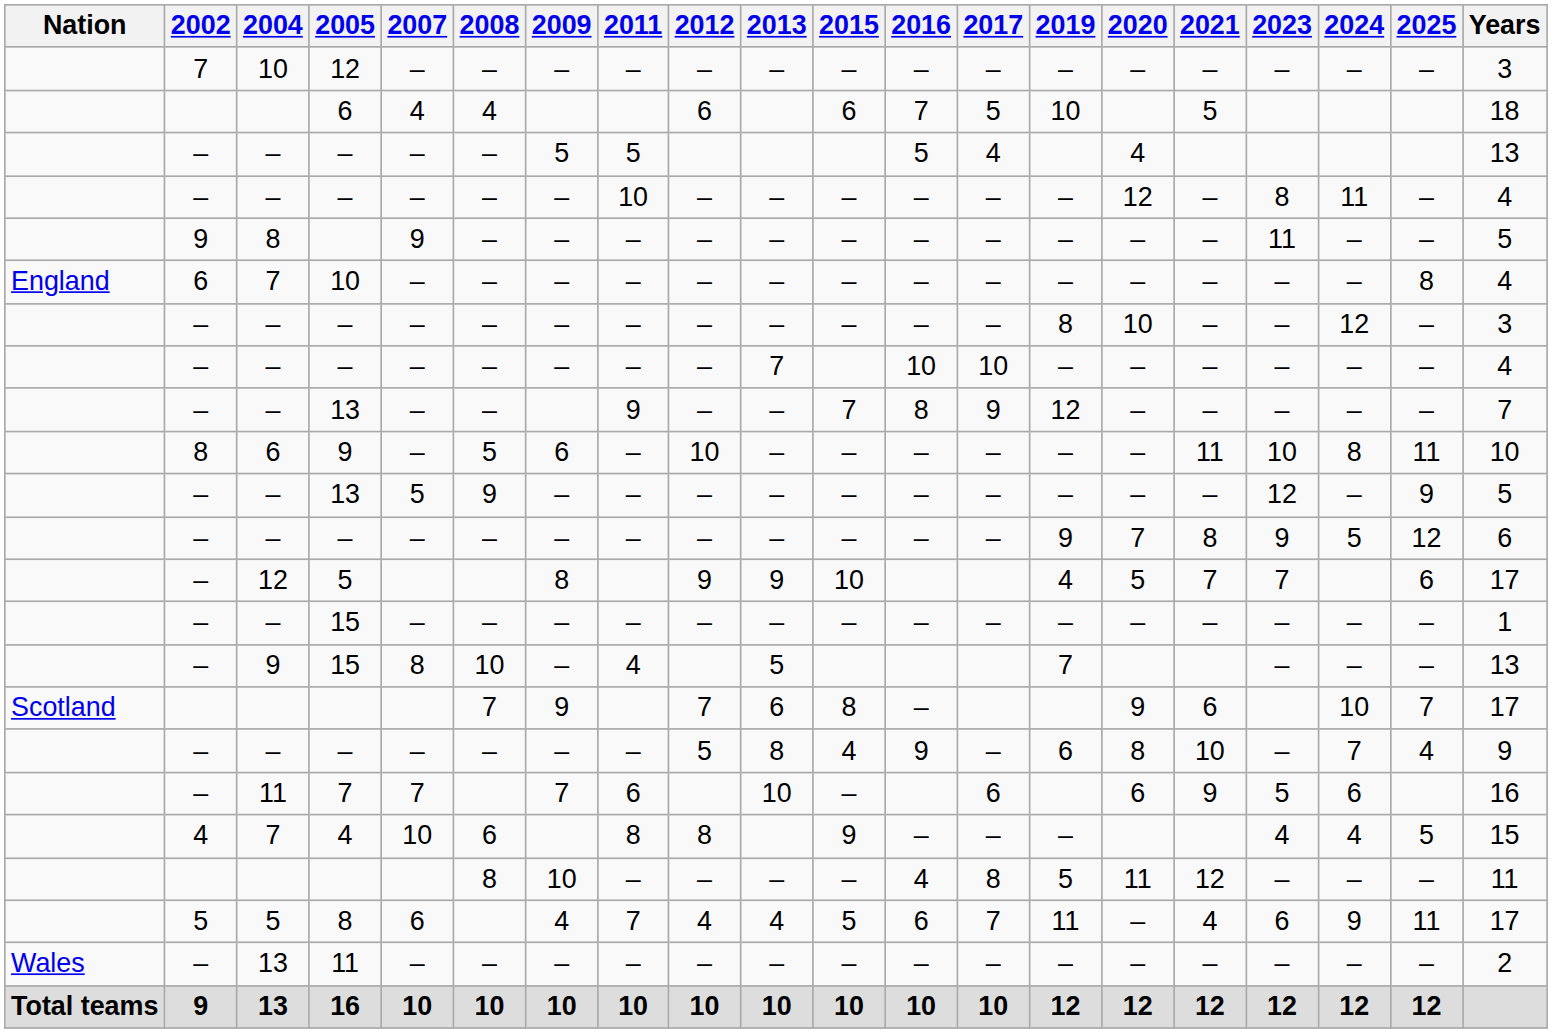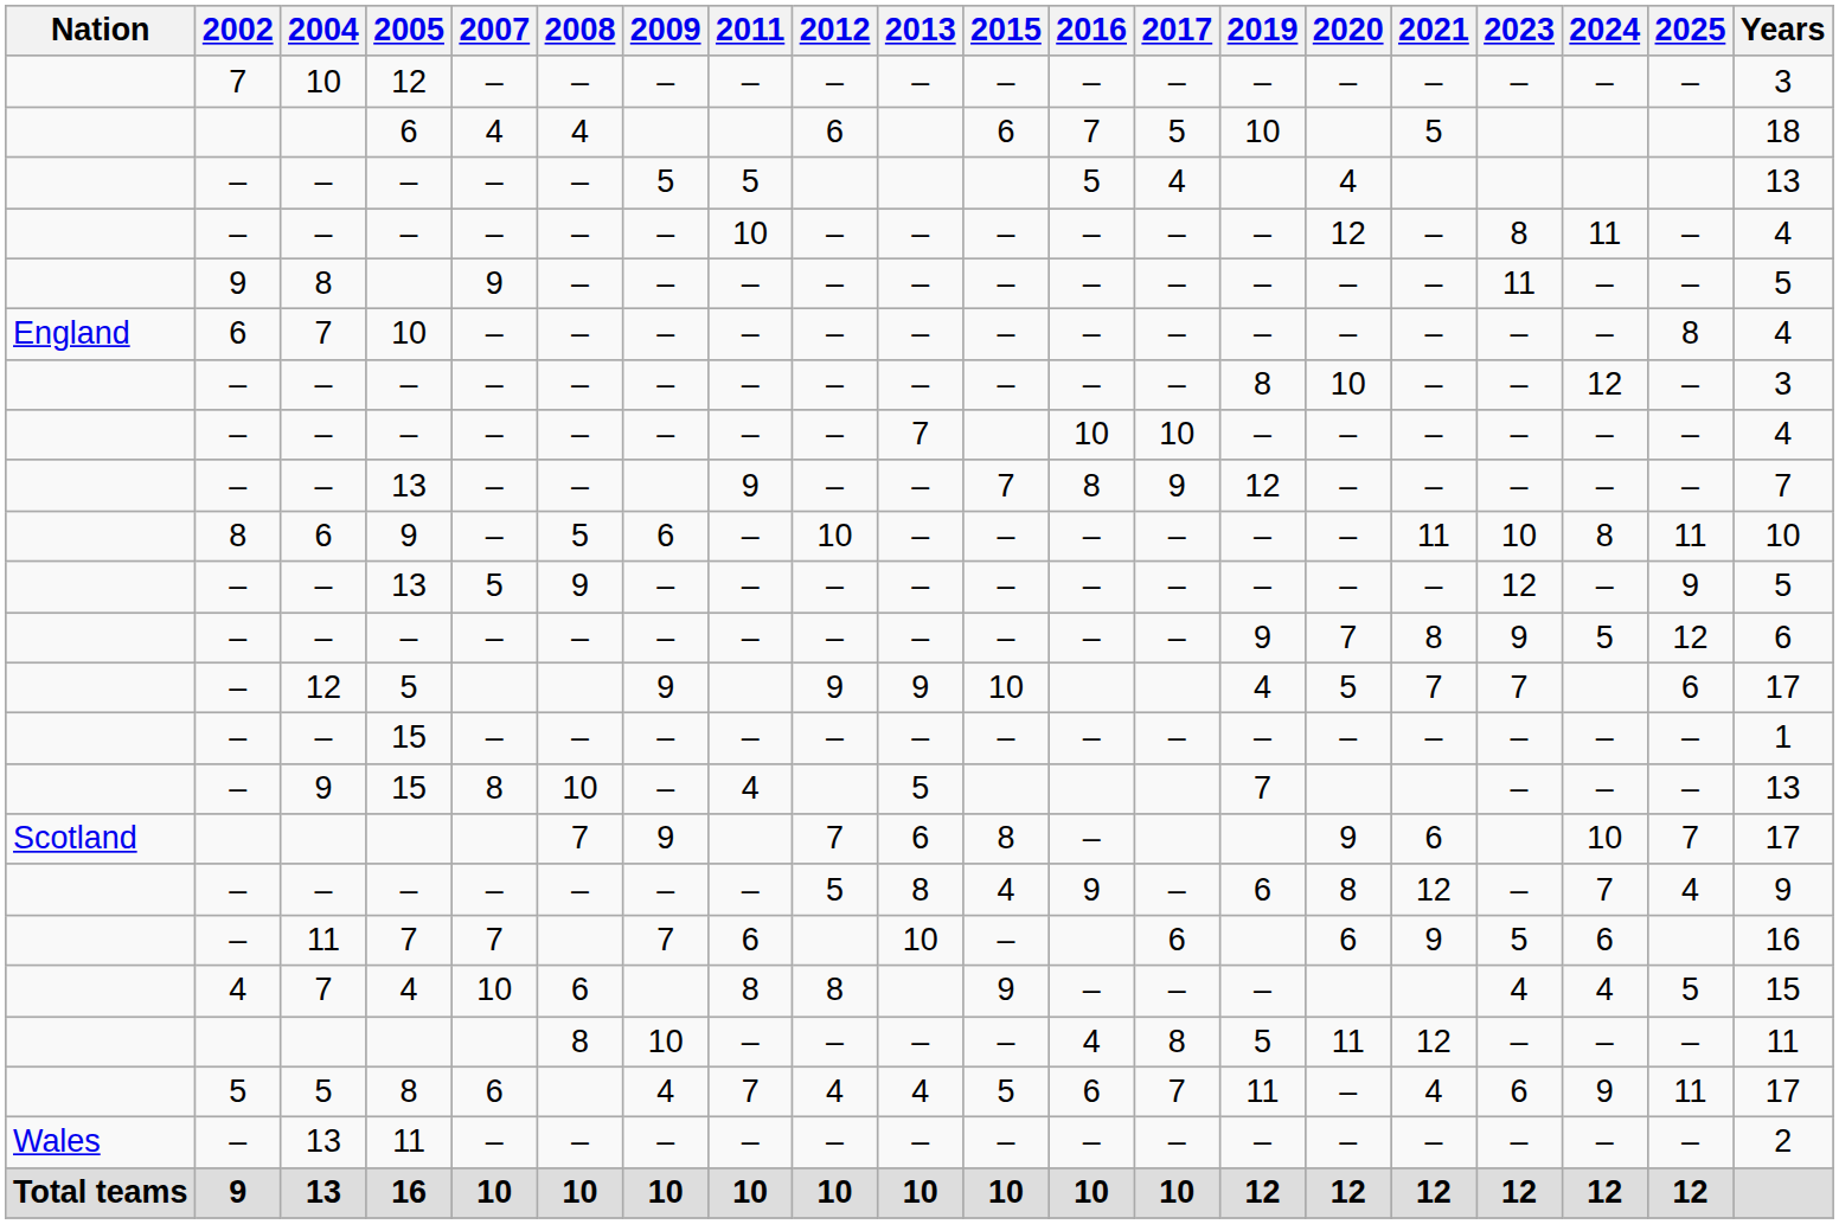 <table class="wikitable sortable" style="text-align:center">
 <tr>
 <th>Nation</th>
 <th><a href='#'>2002</a></th>
 <th><a href='#'>2004</a></th>
 <th><a href='#'>2005</a></th>
 <th><a href='#'>2007</a></th>
 <th><a href='#'>2008</a></th>
 <th><a href='#'>2009</a></th>
 <th><a href='#'>2011</a></th>
 <th><a href='#'>2012</a></th>
 <th><a href='#'>2013</a></th>
 <th><a href='#'>2015</a></th>
 <th><a href='#'>2016</a></th>
 <th><a href='#'>2017</a></th>
 <th><a href='#'>2019</a></th>
 <th><a href='#'>2020</a></th>
 <th><a href='#'>2021</a></th>
 <th><a href='#'>2023</a></th>
 <th><a href='#'>2024</a></th>
 <th><a href='#'>2025</a></th>
 <th>Years</th>
 </tr>
 <tr>
 <td align=left></td>
 <td>7</td>
 <td>10</td>
 <td>12</td>
 <td>–</td>
 <td>–</td>
 <td>–</td>
 <td>–</td>
 <td>–</td>
 <td>–</td>
 <td>–</td>
 <td>–</td>
 <td>–</td>
 <td>–</td>
 <td>–</td>
 <td>–</td>
 <td>–</td>
 <td>–</td>
 <td>–</td>
 <td>3</td>
 </tr>
 <tr>
 <td align=left></td>
 <td></td>
 <td></td>
 <td>6</td>
 <td>4</td>
 <td>4</td>
 <td></td>
 <td></td>
 <td>6</td>
 <td></td>
 <td>6</td>
 <td>7</td>
 <td>5</td>
 <td>10</td>
 <td></td>
 <td>5</td>
 <td></td>
 <td></td>
 <td></td>
 <td>18</td>
 </tr>
 <tr>
 <td align=left></td>
 <td>–</td>
 <td>–</td>
 <td>–</td>
 <td>–</td>
 <td>–</td>
 <td>5</td>
 <td>5</td>
 <td></td>
 <td></td>
 <td></td>
 <td>5</td>
 <td>4</td>
 <td></td>
 <td>4</td>
 <td></td>
 <td></td>
 <td></td>
 <td></td>
 <td>13</td>
 </tr>
 <tr>
 <td align=left></td>
 <td>–</td>
 <td>–</td>
 <td>–</td>
 <td>–</td>
 <td>–</td>
 <td>–</td>
 <td>10</td>
 <td>–</td>
 <td>–</td>
 <td>–</td>
 <td>–</td>
 <td>–</td>
 <td>–</td>
 <td>12</td>
 <td>–</td>
 <td>8</td>
 <td>11</td>
 <td>–</td>
 <td>4</td>
 </tr>
 <tr>
 <td align=left></td>
 <td>9</td>
 <td>8</td>
 <td></td>
 <td>9</td>
 <td>–</td>
 <td>–</td>
 <td>–</td>
 <td>–</td>
 <td>–</td>
 <td>–</td>
 <td>–</td>
 <td>–</td>
 <td>–</td>
 <td>–</td>
 <td>–</td>
 <td>11</td>
 <td>–</td>
 <td>–</td>
 <td>5</td>
 </tr>
 <tr>
 <td align=left> <a href='#'>England</a></td>
 <td>6</td>
 <td>7</td>
 <td>10</td>
 <td>–</td>
 <td>–</td>
 <td>–</td>
 <td>–</td>
 <td>–</td>
 <td>–</td>
 <td>–</td>
 <td>–</td>
 <td>–</td>
 <td>–</td>
 <td>–</td>
 <td>–</td>
 <td>–</td>
 <td>–</td>
 <td>8</td>
 <td>4</td>
 </tr>
 <tr>
 <td align=left></td>
 <td>–</td>
 <td>–</td>
 <td>–</td>
 <td>–</td>
 <td>–</td>
 <td>–</td>
 <td>–</td>
 <td>–</td>
 <td>–</td>
 <td>–</td>
 <td>–</td>
 <td>–</td>
 <td>8</td>
 <td>10</td>
 <td>–</td>
 <td>–</td>
 <td>12</td>
 <td>–</td>
 <td>3</td>
 </tr>
 <tr>
 <td align=left></td>
 <td>–</td>
 <td>–</td>
 <td>–</td>
 <td>–</td>
 <td>–</td>
 <td>–</td>
 <td>–</td>
 <td>–</td>
 <td>7</td>
 <td></td>
 <td>10</td>
 <td>10</td>
 <td>–</td>
 <td>–</td>
 <td>–</td>
 <td>–</td>
 <td>–</td>
 <td>–</td>
 <td>4</td>
 </tr>
 <tr>
 <td align=left></td>
 <td>–</td>
 <td>–</td>
 <td>13</td>
 <td>–</td>
 <td>–</td>
 <td></td>
 <td>9</td>
 <td>–</td>
 <td>–</td>
 <td>7</td>
 <td>8</td>
 <td>9</td>
 <td>12</td>
 <td>–</td>
 <td>–</td>
 <td>–</td>
 <td>–</td>
 <td>–</td>
 <td>7</td>
 </tr>
 <tr>
 <td align=left></td>
 <td>8</td>
 <td>6</td>
 <td>9</td>
 <td>–</td>
 <td>5</td>
 <td>6</td>
 <td>–</td>
 <td>10</td>
 <td>–</td>
 <td>–</td>
 <td>–</td>
 <td>–</td>
 <td>–</td>
 <td>–</td>
 <td>11</td>
 <td>10</td>
 <td>8</td>
 <td>11</td>
 <td>10</td>
 </tr>
 <tr>
 <td align=left></td>
 <td>–</td>
 <td>–</td>
 <td>13</td>
 <td>5</td>
 <td>9</td>
 <td>–</td>
 <td>–</td>
 <td>–</td>
 <td>–</td>
 <td>–</td>
 <td>–</td>
 <td>–</td>
 <td>–</td>
 <td>–</td>
 <td>–</td>
 <td>12</td>
 <td>–</td>
 <td>9</td>
 <td>5</td>
 </tr>
 <tr>
 <td align=left></td>
 <td>–</td>
 <td>–</td>
 <td>–</td>
 <td>–</td>
 <td>–</td>
 <td>–</td>
 <td>–</td>
 <td>–</td>
 <td>–</td>
 <td>–</td>
 <td>–</td>
 <td>–</td>
 <td>9</td>
 <td>7</td>
 <td>8</td>
 <td>9</td>
 <td>5</td>
 <td>12</td>
 <td>6</td>
 </tr>
 <tr>
 <td align=left></td>
 <td>–</td>
 <td>12</td>
 <td>5</td>
 <td></td>
 <td></td>
-<td>8</td>
+<td>9</td>
 <td></td>
 <td>9</td>
 <td>9</td>
 <td>10</td>
 <td></td>
 <td></td>
 <td>4</td>
 <td>5</td>
 <td>7</td>
 <td>7</td>
 <td></td>
 <td>6</td>
 <td>17</td>
 </tr>
 <tr>
 <td align=left></td>
 <td>–</td>
 <td>–</td>
 <td>15</td>
 <td>–</td>
 <td>–</td>
 <td>–</td>
 <td>–</td>
 <td>–</td>
 <td>–</td>
 <td>–</td>
 <td>–</td>
 <td>–</td>
 <td>–</td>
 <td>–</td>
 <td>–</td>
 <td>–</td>
 <td>–</td>
 <td>–</td>
 <td>1</td>
 </tr>
 <tr>
 <td align=left></td>
 <td>–</td>
 <td>9</td>
 <td>15</td>
 <td>8</td>
 <td>10</td>
 <td>–</td>
 <td>4</td>
 <td></td>
 <td>5</td>
 <td></td>
 <td></td>
 <td></td>
 <td>7</td>
 <td></td>
 <td></td>
 <td>–</td>
 <td>–</td>
 <td>–</td>
 <td>13</td>
 </tr>
 <tr>
 <td align=left> <a href='#'>Scotland</a></td>
 <td></td>
 <td></td>
 <td></td>
 <td></td>
 <td>7</td>
 <td>9</td>
 <td></td>
 <td>7</td>
 <td>6</td>
 <td>8</td>
 <td>–</td>
 <td></td>
 <td></td>
 <td>9</td>
 <td>6</td>
 <td></td>
 <td>10</td>
 <td>7</td>
 <td>17</td>
 </tr>
 <tr>
 <td align=left></td>
 <td>–</td>
 <td>–</td>
 <td>–</td>
 <td>–</td>
 <td>–</td>
 <td>–</td>
 <td>–</td>
 <td>5</td>
 <td>8</td>
 <td>4</td>
 <td>9</td>
 <td>–</td>
 <td>6</td>
 <td>8</td>
-<td>10</td>
+<td>12</td>
 <td>–</td>
 <td>7</td>
 <td>4</td>
 <td>9</td>
 </tr>
 <tr>
 <td align=left></td>
 <td>–</td>
 <td>11</td>
 <td>7</td>
 <td>7</td>
 <td></td>
 <td>7</td>
 <td>6</td>
 <td></td>
 <td>10</td>
 <td>–</td>
 <td></td>
 <td>6</td>
 <td></td>
 <td>6</td>
 <td>9</td>
 <td>5</td>
 <td>6</td>
 <td></td>
 <td>16</td>
 </tr>
 <tr>
 <td align=left></td>
 <td>4</td>
 <td>7</td>
 <td>4</td>
 <td>10</td>
 <td>6</td>
 <td></td>
 <td>8</td>
 <td>8</td>
 <td></td>
 <td>9</td>
 <td>–</td>
 <td>–</td>
 <td>–</td>
 <td></td>
 <td></td>
 <td>4</td>
 <td>4</td>
 <td>5</td>
 <td>15</td>
 </tr>
 <tr>
 <td align=left></td>
 <td></td>
 <td></td>
 <td></td>
 <td></td>
 <td>8</td>
 <td>10</td>
 <td>–</td>
 <td>–</td>
 <td>–</td>
 <td>–</td>
 <td>4</td>
 <td>8</td>
 <td>5</td>
 <td>11</td>
 <td>12</td>
 <td>–</td>
 <td>–</td>
 <td>–</td>
 <td>11</td>
 </tr>
 <tr>
 <td align=left></td>
 <td>5</td>
 <td>5</td>
 <td>8</td>
 <td>6</td>
 <td></td>
 <td>4</td>
 <td>7</td>
 <td>4</td>
 <td>4</td>
 <td>5</td>
 <td>6</td>
 <td>7</td>
 <td>11</td>
 <td>–</td>
 <td>4</td>
 <td>6</td>
 <td>9</td>
 <td>11</td>
 <td>17</td>
 </tr>
 <tr>
 <td align=left> <a href='#'>Wales</a></td>
 <td>–</td>
 <td>13</td>
 <td>11</td>
 <td>–</td>
 <td>–</td>
 <td>–</td>
 <td>–</td>
 <td>–</td>
 <td>–</td>
 <td>–</td>
 <td>–</td>
 <td>–</td>
 <td>–</td>
 <td>–</td>
 <td>–</td>
 <td>–</td>
 <td>–</td>
 <td>–</td>
 <td>2</td>
 </tr>
 <tr style="background:#ddd" class="sortbottom">
 <td align=left><strong>Total teams</strong></td>
 <td><strong>9</strong></td>
 <td><strong>13</strong></td>
 <td><strong>16</strong></td>
 <td><strong>10</strong></td>
 <td><strong>10</strong></td>
 <td><strong>10</strong></td>
 <td><strong>10</strong></td>
 <td><strong>10</strong></td>
 <td><strong>10</strong></td>
 <td><strong>10</strong></td>
 <td><strong>10</strong></td>
 <td><strong>10</strong></td>
 <td><strong>12</strong></td>
 <td><strong>12</strong></td>
 <td><strong>12</strong></td>
 <td><strong>12</strong></td>
 <td><strong>12</strong></td>
 <td><strong>12</strong></td>
 <td></td>
 </tr>
 </table>
